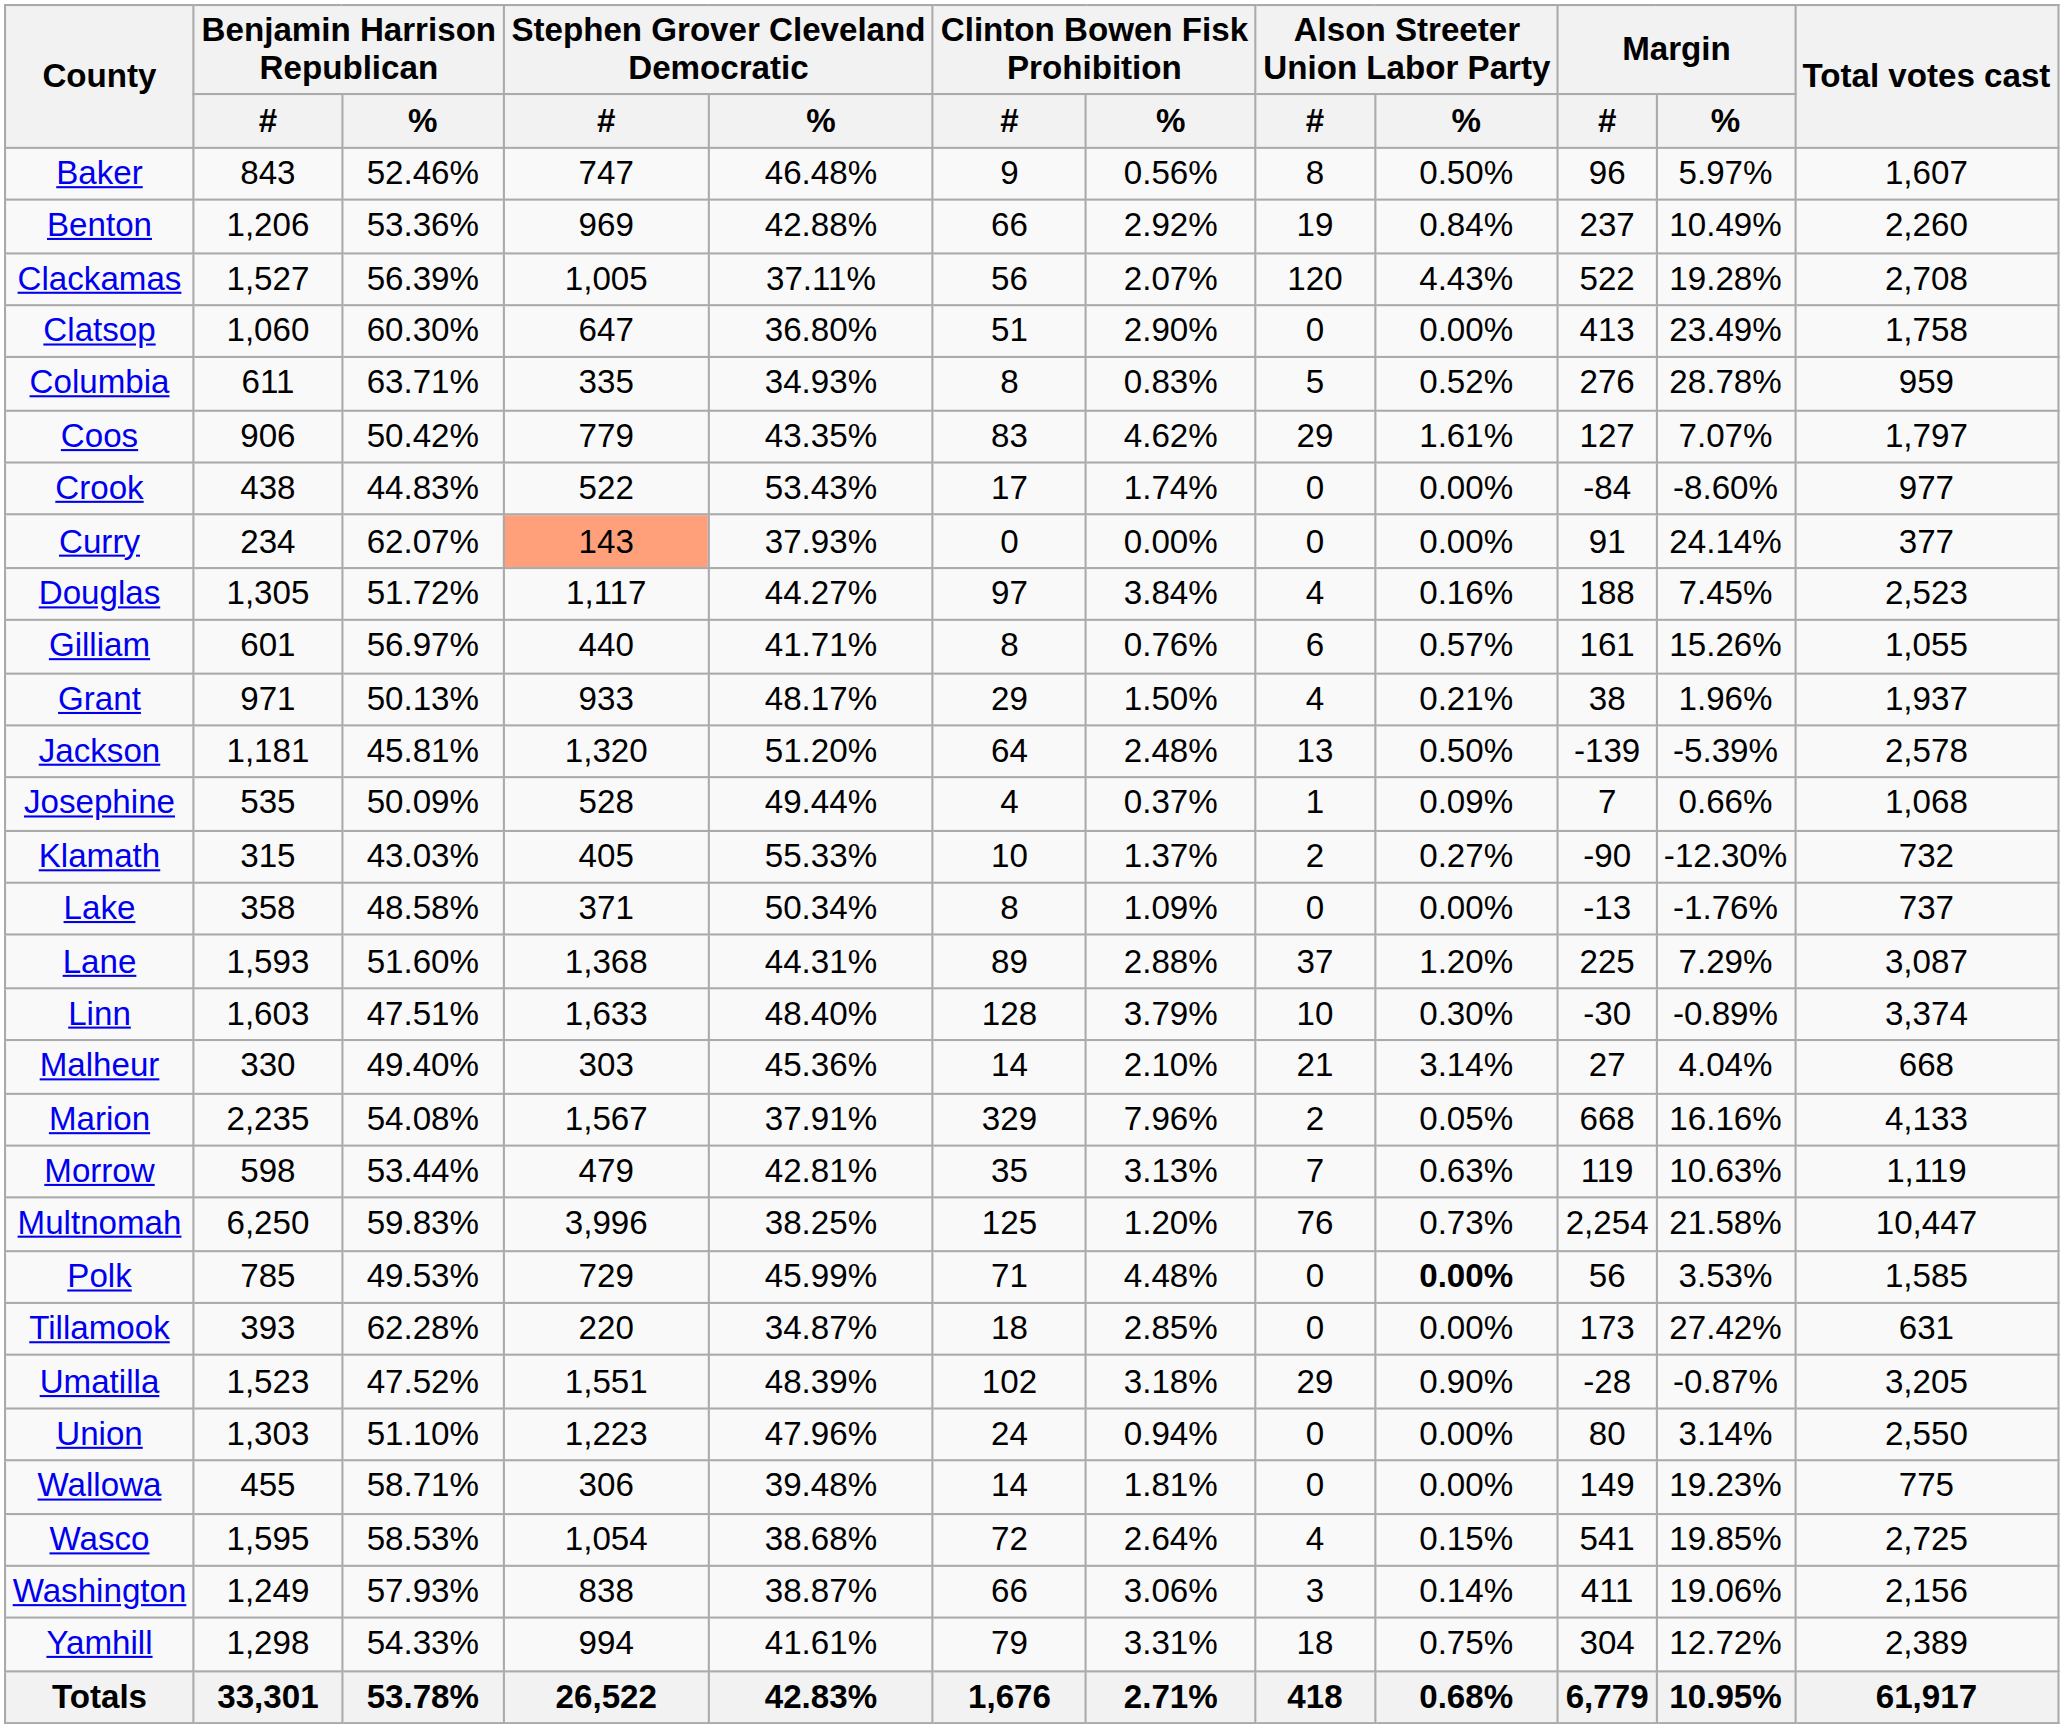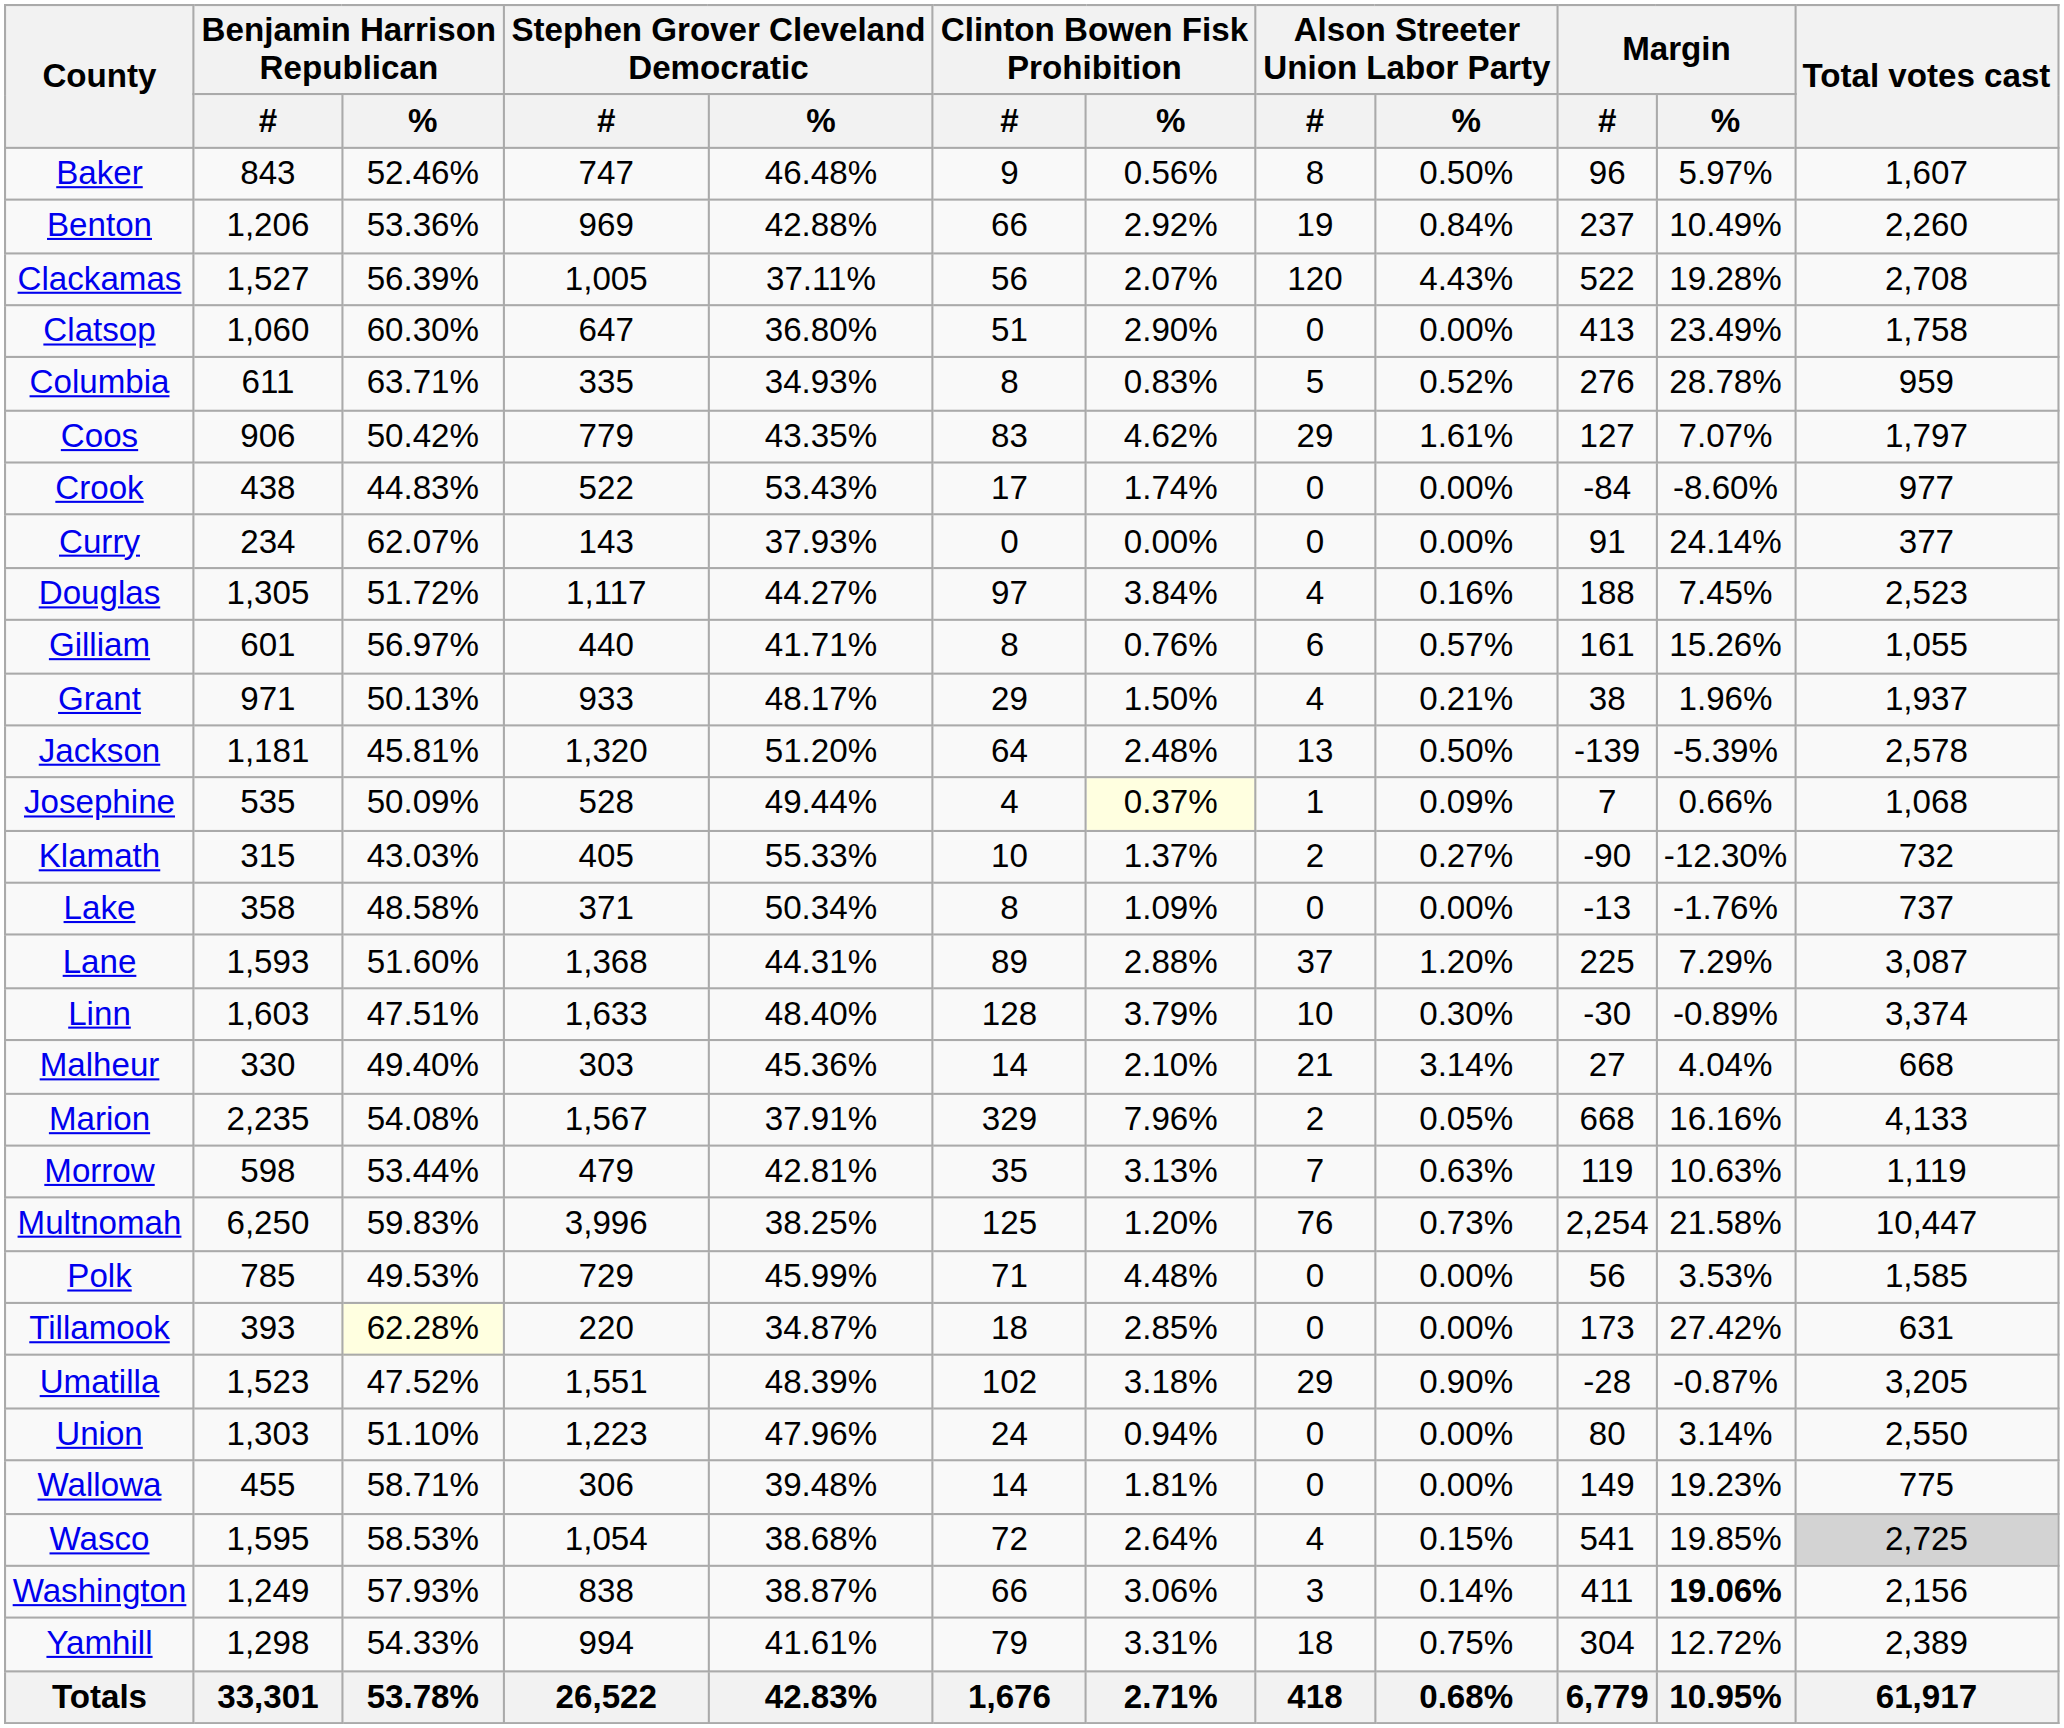 <table class="wikitable sortable" style="text-align:center">
 <tr>
 <th style="text-align:center;" rowspan="2">County</th>
 <th style="text-align:center;" colspan="2">Benjamin Harrison<br>Republican</th>
 <th style="text-align:center;" colspan="2">Stephen Grover Cleveland<br>Democratic</th>
 <th style="text-align:center;" colspan="2">Clinton Bowen Fisk<br>Prohibition</th>
 <th style="text-align:center;" colspan="2">Alson Streeter<br>Union Labor Party</th>
 <th style="text-align:center;" colspan="2">Margin</th>
 <th style="text-align:center;" rowspan="2">Total votes cast</th>
 </tr>
 <tr>
 <th style="text-align:center;" data-sort-type="number">#</th>
 <th style="text-align:center;" data-sort-type="number">%</th>
 <th style="text-align:center;" data-sort-type="number">#</th>
 <th style="text-align:center;" data-sort-type="number">%</th>
 <th style="text-align:center;" data-sort-type="number">#</th>
 <th style="text-align:center;" data-sort-type="number">%</th>
 <th style="text-align:center;" data-sort-type="number">#</th>
 <th style="text-align:center;" data-sort-type="number">%</th>
 <th style="text-align:center;" data-sort-type="number">#</th>
 <th style="text-align:center;" data-sort-type="number">%</th>
 </tr>
 <tr style="text-align:center;">
 <td><a href='#'>Baker</a></td>
 <td>843</td>
 <td>52.46%</td>
 <td>747</td>
 <td>46.48%</td>
 <td>9</td>
 <td>0.56%</td>
 <td>8</td>
 <td>0.50%</td>
 <td>96</td>
 <td>5.97%</td>
 <td>1,607</td>
 </tr>
 <tr style="text-align:center;">
 <td><a href='#'>Benton</a></td>
 <td>1,206</td>
 <td>53.36%</td>
 <td>969</td>
 <td>42.88%</td>
 <td>66</td>
 <td>2.92%</td>
 <td>19</td>
 <td>0.84%</td>
 <td>237</td>
 <td>10.49%</td>
 <td>2,260</td>
 </tr>
 <tr style="text-align:center;">
 <td><a href='#'>Clackamas</a></td>
 <td>1,527</td>
 <td>56.39%</td>
 <td>1,005</td>
 <td>37.11%</td>
 <td>56</td>
 <td>2.07%</td>
 <td>120</td>
 <td>4.43%</td>
 <td>522</td>
 <td>19.28%</td>
 <td>2,708</td>
 </tr>
 <tr style="text-align:center;">
 <td><a href='#'>Clatsop</a></td>
 <td>1,060</td>
 <td>60.30%</td>
 <td>647</td>
 <td>36.80%</td>
 <td>51</td>
 <td>2.90%</td>
 <td>0</td>
 <td>0.00%</td>
 <td>413</td>
 <td>23.49%</td>
 <td>1,758</td>
 </tr>
 <tr style="text-align:center;">
 <td><a href='#'>Columbia</a></td>
 <td>611</td>
 <td>63.71%</td>
 <td>335</td>
 <td>34.93%</td>
 <td>8</td>
 <td>0.83%</td>
 <td>5</td>
 <td>0.52%</td>
 <td>276</td>
 <td>28.78%</td>
 <td>959</td>
 </tr>
 <tr style="text-align:center;">
 <td><a href='#'>Coos</a></td>
 <td>906</td>
 <td>50.42%</td>
 <td>779</td>
 <td>43.35%</td>
 <td>83</td>
 <td>4.62%</td>
 <td>29</td>
 <td>1.61%</td>
 <td>127</td>
 <td>7.07%</td>
 <td>1,797</td>
 </tr>
 <tr style="text-align:center;">
 <td><a href='#'>Crook</a></td>
 <td>438</td>
 <td>44.83%</td>
 <td>522</td>
 <td>53.43%</td>
 <td>17</td>
 <td>1.74%</td>
 <td>0</td>
 <td>0.00%</td>
 <td>-84</td>
 <td>-8.60%</td>
 <td>977</td>
 </tr>
 <tr style="text-align:center;">
 <td><a href='#'>Curry</a></td>
 <td>234</td>
 <td>62.07%</td>
-<td style="background: lightsalmon;">143</td>
+<td>143</td>
 <td>37.93%</td>
 <td>0</td>
 <td>0.00%</td>
 <td>0</td>
 <td>0.00%</td>
 <td>91</td>
 <td>24.14%</td>
 <td>377</td>
 </tr>
 <tr style="text-align:center;">
 <td><a href='#'>Douglas</a></td>
 <td>1,305</td>
 <td>51.72%</td>
 <td>1,117</td>
 <td>44.27%</td>
 <td>97</td>
 <td>3.84%</td>
 <td>4</td>
 <td>0.16%</td>
 <td>188</td>
 <td>7.45%</td>
 <td>2,523</td>
 </tr>
 <tr style="text-align:center;">
 <td><a href='#'>Gilliam</a></td>
 <td>601</td>
 <td>56.97%</td>
 <td>440</td>
 <td>41.71%</td>
 <td>8</td>
 <td>0.76%</td>
 <td>6</td>
 <td>0.57%</td>
 <td>161</td>
 <td>15.26%</td>
 <td>1,055</td>
 </tr>
 <tr style="text-align:center;">
 <td><a href='#'>Grant</a></td>
 <td>971</td>
 <td>50.13%</td>
 <td>933</td>
 <td>48.17%</td>
 <td>29</td>
 <td>1.50%</td>
 <td>4</td>
 <td>0.21%</td>
 <td>38</td>
 <td>1.96%</td>
 <td>1,937</td>
 </tr>
 <tr style="text-align:center;">
 <td><a href='#'>Jackson</a></td>
 <td>1,181</td>
 <td>45.81%</td>
 <td>1,320</td>
 <td>51.20%</td>
 <td>64</td>
 <td>2.48%</td>
 <td>13</td>
 <td>0.50%</td>
 <td>-139</td>
 <td>-5.39%</td>
 <td>2,578</td>
 </tr>
 <tr style="text-align:center;">
 <td><a href='#'>Josephine</a></td>
 <td>535</td>
 <td>50.09%</td>
 <td>528</td>
 <td>49.44%</td>
 <td>4</td>
-<td>0.37%</td>
+<td style="background: lightyellow;">0.37%</td>
 <td>1</td>
 <td>0.09%</td>
 <td>7</td>
 <td>0.66%</td>
 <td>1,068</td>
 </tr>
 <tr style="text-align:center;">
 <td><a href='#'>Klamath</a></td>
 <td>315</td>
 <td>43.03%</td>
 <td>405</td>
 <td>55.33%</td>
 <td>10</td>
 <td>1.37%</td>
 <td>2</td>
 <td>0.27%</td>
 <td>-90</td>
 <td>-12.30%</td>
 <td>732</td>
 </tr>
 <tr style="text-align:center;">
 <td><a href='#'>Lake</a></td>
 <td>358</td>
 <td>48.58%</td>
 <td>371</td>
 <td>50.34%</td>
 <td>8</td>
 <td>1.09%</td>
 <td>0</td>
 <td>0.00%</td>
 <td>-13</td>
 <td>-1.76%</td>
 <td>737</td>
 </tr>
 <tr style="text-align:center;">
 <td><a href='#'>Lane</a></td>
 <td>1,593</td>
 <td>51.60%</td>
 <td>1,368</td>
 <td>44.31%</td>
 <td>89</td>
 <td>2.88%</td>
 <td>37</td>
 <td>1.20%</td>
 <td>225</td>
 <td>7.29%</td>
 <td>3,087</td>
 </tr>
 <tr style="text-align:center;">
 <td><a href='#'>Linn</a></td>
 <td>1,603</td>
 <td>47.51%</td>
 <td>1,633</td>
 <td>48.40%</td>
 <td>128</td>
 <td>3.79%</td>
 <td>10</td>
 <td>0.30%</td>
 <td>-30</td>
 <td>-0.89%</td>
 <td>3,374</td>
 </tr>
 <tr style="text-align:center;">
 <td><a href='#'>Malheur</a></td>
 <td>330</td>
 <td>49.40%</td>
 <td>303</td>
 <td>45.36%</td>
 <td>14</td>
 <td>2.10%</td>
 <td>21</td>
 <td>3.14%</td>
 <td>27</td>
 <td>4.04%</td>
 <td>668</td>
 </tr>
 <tr style="text-align:center;">
 <td><a href='#'>Marion</a></td>
 <td>2,235</td>
 <td>54.08%</td>
 <td>1,567</td>
 <td>37.91%</td>
 <td>329</td>
 <td>7.96%</td>
 <td>2</td>
 <td>0.05%</td>
 <td>668</td>
 <td>16.16%</td>
 <td>4,133</td>
 </tr>
 <tr style="text-align:center;">
 <td><a href='#'>Morrow</a></td>
 <td>598</td>
 <td>53.44%</td>
 <td>479</td>
 <td>42.81%</td>
 <td>35</td>
 <td>3.13%</td>
 <td>7</td>
 <td>0.63%</td>
 <td>119</td>
 <td>10.63%</td>
 <td>1,119</td>
 </tr>
 <tr style="text-align:center;">
 <td><a href='#'>Multnomah</a></td>
 <td>6,250</td>
 <td>59.83%</td>
 <td>3,996</td>
 <td>38.25%</td>
 <td>125</td>
 <td>1.20%</td>
 <td>76</td>
 <td>0.73%</td>
 <td>2,254</td>
 <td>21.58%</td>
 <td>10,447</td>
 </tr>
 <tr style="text-align:center;">
 <td><a href='#'>Polk</a></td>
 <td>785</td>
 <td>49.53%</td>
 <td>729</td>
 <td>45.99%</td>
 <td>71</td>
 <td>4.48%</td>
 <td>0</td>
-<td><strong>0.00%</strong></td>
+<td>0.00%</td>
 <td>56</td>
 <td>3.53%</td>
 <td>1,585</td>
 </tr>
 <tr style="text-align:center;">
 <td><a href='#'>Tillamook</a></td>
 <td>393</td>
-<td>62.28%</td>
+<td style="background: lightyellow;">62.28%</td>
 <td>220</td>
 <td>34.87%</td>
 <td>18</td>
 <td>2.85%</td>
 <td>0</td>
 <td>0.00%</td>
 <td>173</td>
 <td>27.42%</td>
 <td>631</td>
 </tr>
 <tr style="text-align:center;">
 <td><a href='#'>Umatilla</a></td>
 <td>1,523</td>
 <td>47.52%</td>
 <td>1,551</td>
 <td>48.39%</td>
 <td>102</td>
 <td>3.18%</td>
 <td>29</td>
 <td>0.90%</td>
 <td>-28</td>
 <td>-0.87%</td>
 <td>3,205</td>
 </tr>
 <tr style="text-align:center;">
 <td><a href='#'>Union</a></td>
 <td>1,303</td>
 <td>51.10%</td>
 <td>1,223</td>
 <td>47.96%</td>
 <td>24</td>
 <td>0.94%</td>
 <td>0</td>
 <td>0.00%</td>
 <td>80</td>
 <td>3.14%</td>
 <td>2,550</td>
 </tr>
 <tr style="text-align:center;">
 <td><a href='#'>Wallowa</a></td>
 <td>455</td>
 <td>58.71%</td>
 <td>306</td>
 <td>39.48%</td>
 <td>14</td>
 <td>1.81%</td>
 <td>0</td>
 <td>0.00%</td>
 <td>149</td>
 <td>19.23%</td>
 <td>775</td>
 </tr>
 <tr style="text-align:center;">
 <td><a href='#'>Wasco</a></td>
 <td>1,595</td>
 <td>58.53%</td>
 <td>1,054</td>
 <td>38.68%</td>
 <td>72</td>
 <td>2.64%</td>
 <td>4</td>
 <td>0.15%</td>
 <td>541</td>
 <td>19.85%</td>
-<td>2,725</td>
+<td style="background: lightgrey;">2,725</td>
 </tr>
 <tr style="text-align:center;">
 <td><a href='#'>Washington</a></td>
 <td>1,249</td>
 <td>57.93%</td>
 <td>838</td>
 <td>38.87%</td>
 <td>66</td>
 <td>3.06%</td>
 <td>3</td>
 <td>0.14%</td>
 <td>411</td>
-<td>19.06%</td>
+<td><strong>19.06%</strong></td>
 <td>2,156</td>
 </tr>
 <tr style="text-align:center;">
 <td><a href='#'>Yamhill</a></td>
 <td>1,298</td>
 <td>54.33%</td>
 <td>994</td>
 <td>41.61%</td>
 <td>79</td>
 <td>3.31%</td>
 <td>18</td>
 <td>0.75%</td>
 <td>304</td>
 <td>12.72%</td>
 <td>2,389</td>
 </tr>
 <tr style="text-align:center;">
 <th>Totals</th>
 <th>33,301</th>
 <th>53.78%</th>
 <th>26,522</th>
 <th>42.83%</th>
 <th>1,676</th>
 <th>2.71%</th>
 <th>418</th>
 <th>0.68%</th>
 <th>6,779</th>
 <th>10.95%</th>
 <th>61,917</th>
 </tr>
 </table>
